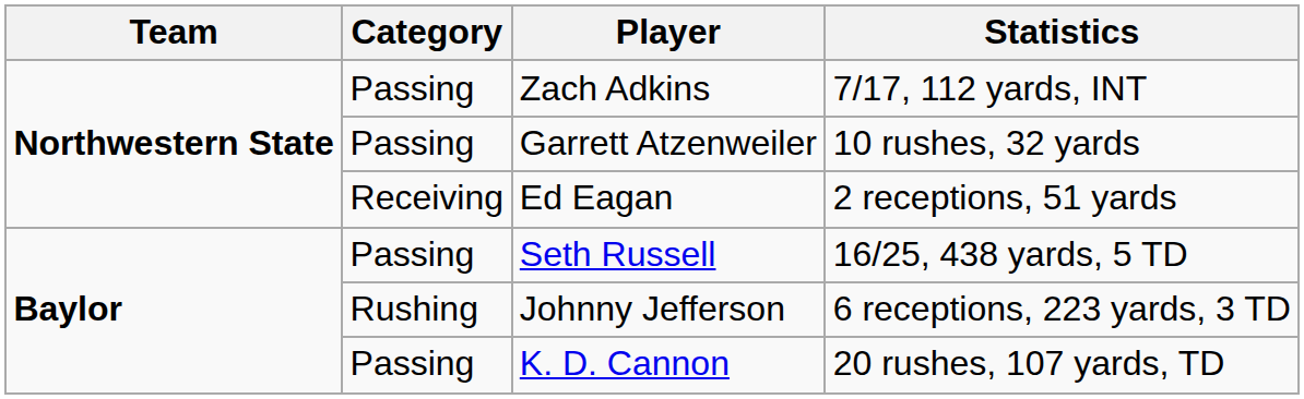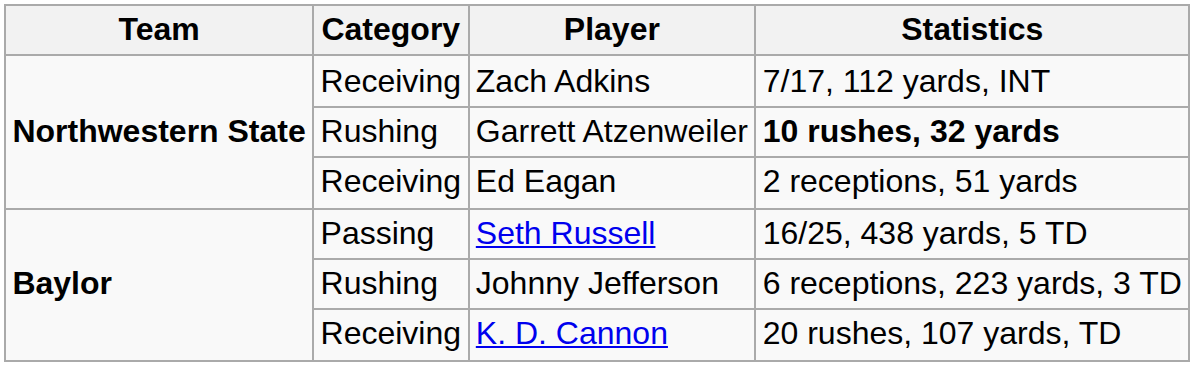 <table class="wikitable" style="float: left;">
 <tr>
 <th>Team</th>
 <th>Category</th>
 <th>Player</th>
 <th>Statistics</th>
 </tr>
 <tr>
 <td rowspan=3><strong>Northwestern State</strong></td>
-<td>Passing</td>
+<td>Receiving</td>
 <td>Zach Adkins</td>
 <td>7/17, 112 yards, INT</td>
 </tr>
 <tr>
-<td>Passing</td>
+<td>Rushing</td>
 <td>Garrett Atzenweiler</td>
-<td>10 rushes, 32 yards</td>
+<td><strong>10 rushes, 32 yards</strong></td>
 </tr>
 <tr>
 <td>Receiving</td>
 <td>Ed Eagan</td>
 <td>2 receptions, 51 yards</td>
 </tr>
 <tr>
 <td rowspan=3><strong>Baylor</strong></td>
 <td>Passing</td>
 <td><a href='#'>Seth Russell</a></td>
 <td>16/25, 438 yards, 5 TD</td>
 </tr>
 <tr>
 <td>Rushing</td>
 <td>Johnny Jefferson</td>
 <td>6 receptions, 223 yards, 3 TD</td>
 </tr>
 <tr>
-<td>Passing</td>
+<td>Receiving</td>
 <td><a href='#'>K. D. Cannon</a></td>
 <td>20 rushes, 107 yards, TD</td>
 </tr>
 </table>
